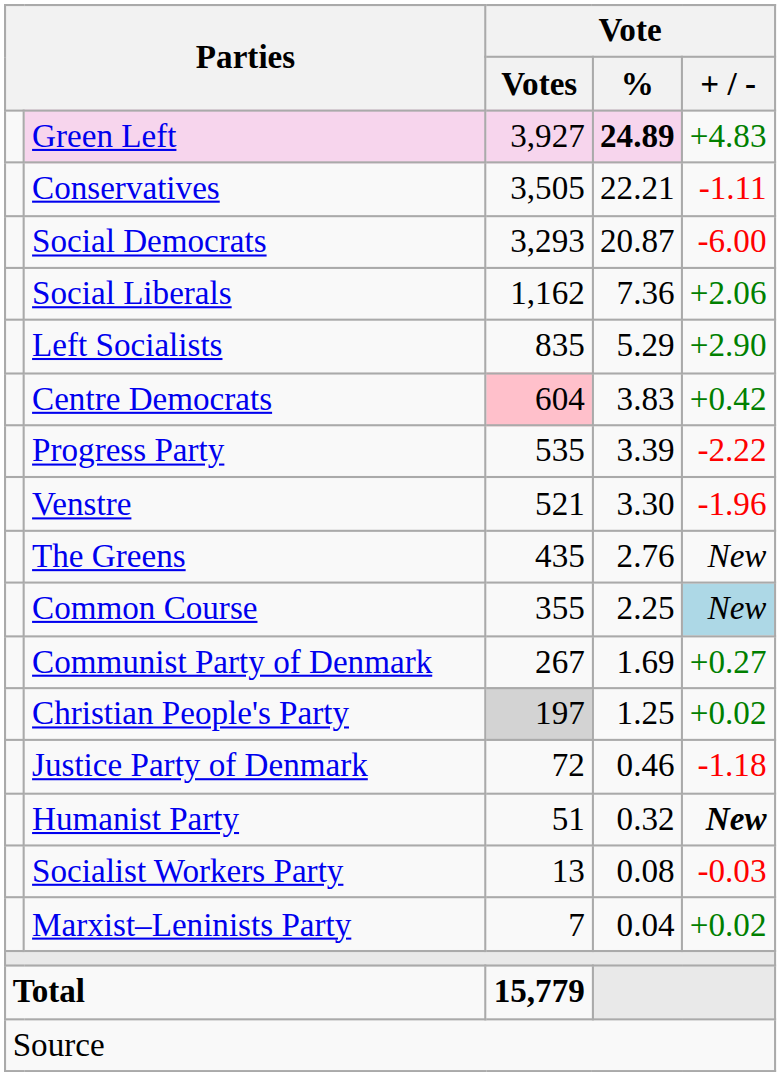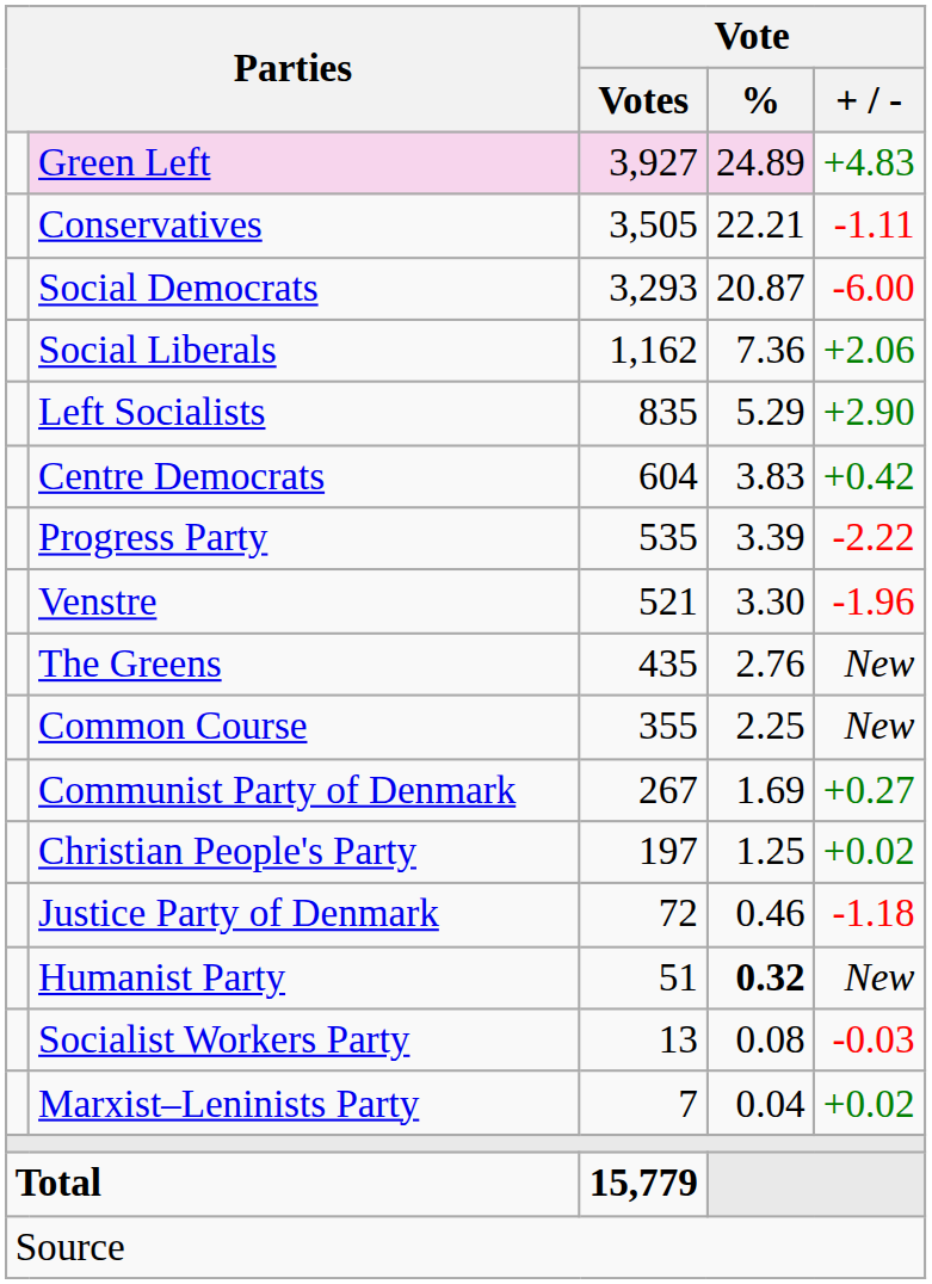 <table class="wikitable" style="text-align:right;">
 <tr>
 <th style="text-align:centre;" rowspan="2" colspan="2" width="225">Parties</th>
 <th colspan="3">Vote</th>
 </tr>
 <tr>
 <th width="15">Votes</th>
 <th width="15">%</th>
 <th width="15">+ / -</th>
 </tr>
 <tr>
 <td width="2" style="color:inherit;background:"></td>
 <td bgcolor=#f7d5ed  align="left"><a href='#'>Green Left</a></td>
 <td bgcolor=#f7d5ed>3,927</td>
-<td bgcolor=#f7d5ed><strong>24.89</strong></td>
+<td bgcolor=#f7d5ed>24.89</td>
 <td style=color:green;>+4.83</td>
 </tr>
 <tr>
 <td width="2" style="color:inherit;background:"></td>
 <td align="left"><a href='#'>Conservatives</a></td>
 <td>3,505</td>
 <td>22.21</td>
 <td style=color:red;>-1.11</td>
 </tr>
 <tr>
 <td width="2" style="color:inherit;background:"></td>
 <td align="left"><a href='#'>Social Democrats</a></td>
 <td>3,293</td>
 <td>20.87</td>
 <td style=color:red;>-6.00</td>
 </tr>
 <tr>
 <td width="2" style="color:inherit;background:"></td>
 <td align="left"><a href='#'>Social Liberals</a></td>
 <td>1,162</td>
 <td>7.36</td>
 <td style=color:green;>+2.06</td>
 </tr>
 <tr>
 <td width="2" style="color:inherit;background:"></td>
 <td align="left"><a href='#'>Left Socialists</a></td>
 <td>835</td>
 <td>5.29</td>
 <td style=color:green;>+2.90</td>
 </tr>
 <tr>
 <td width="2" style="color:inherit;background:"></td>
 <td align="left"><a href='#'>Centre Democrats</a></td>
-<td style="background: pink;">604</td>
+<td>604</td>
 <td>3.83</td>
 <td style=color:green;>+0.42</td>
 </tr>
 <tr>
 <td width="2" style="color:inherit;background:"></td>
 <td align="left"><a href='#'>Progress Party</a></td>
 <td>535</td>
 <td>3.39</td>
 <td style=color:red;>-2.22</td>
 </tr>
 <tr>
 <td width="2" style="color:inherit;background:"></td>
 <td align="left"><a href='#'>Venstre</a></td>
 <td>521</td>
 <td>3.30</td>
 <td style=color:red;>-1.96</td>
 </tr>
 <tr>
 <td width="2" style="color:inherit;background:"></td>
 <td align="left"><a href='#'>The Greens</a></td>
 <td>435</td>
 <td>2.76</td>
 <td><em>New</em></td>
 </tr>
 <tr>
 <td width="2" style="color:inherit;background:"></td>
 <td align="left"><a href='#'>Common Course</a></td>
 <td>355</td>
 <td>2.25</td>
-<td style="background: lightblue;"><em>New</em></td>
+<td><em>New</em></td>
 </tr>
 <tr>
 <td width="2" style="color:inherit;background:"></td>
 <td align="left"><a href='#'>Communist Party of Denmark</a></td>
 <td>267</td>
 <td>1.69</td>
 <td style=color:green;>+0.27</td>
 </tr>
 <tr>
 <td width="2" style="color:inherit;background:"></td>
 <td align="left"><a href='#'>Christian People's Party</a></td>
-<td style="background: lightgrey;">197</td>
+<td>197</td>
 <td>1.25</td>
 <td style=color:green;>+0.02</td>
 </tr>
 <tr>
 <td width="2" style="color:inherit;background:"></td>
 <td align="left"><a href='#'>Justice Party of Denmark</a></td>
 <td>72</td>
 <td>0.46</td>
 <td style=color:red;>-1.18</td>
 </tr>
 <tr>
 <td width="2" style="color:inherit;background:"></td>
 <td align="left"><a href='#'>Humanist Party</a></td>
 <td>51</td>
-<td>0.32</td>
-<td><strong><em>New</em></strong></td>
+<td><strong>0.32</strong></td>
+<td><em>New</em></td>
 </tr>
 <tr>
 <td width="2" style="color:inherit;background:"></td>
 <td align="left"><a href='#'>Socialist Workers Party</a></td>
 <td>13</td>
 <td>0.08</td>
 <td style=color:red;>-0.03</td>
 </tr>
 <tr>
 <td width="2" style="color:inherit;background:"></td>
 <td align="left"><a href='#'>Marxist–Leninists Party</a></td>
 <td>7</td>
 <td>0.04</td>
 <td style=color:green;>+0.02</td>
 </tr>
 <tr>
 <td colspan="7" bgcolor="#E9E9E9"></td>
 </tr>
 <tr>
 <td align="left" colspan="2"><strong>Total</strong></td>
 <td><strong>15,779</strong></td>
 <td bgcolor="#E9E9E9" colspan="2"></td>
 </tr>
 <tr>
 <td align="left" colspan="6">Source</td>
 </tr>
 </table>
